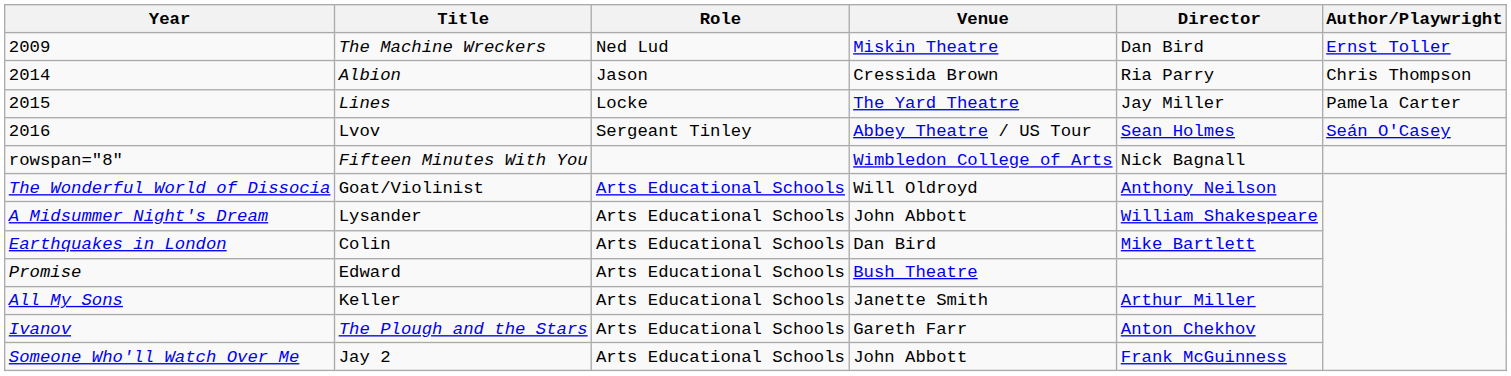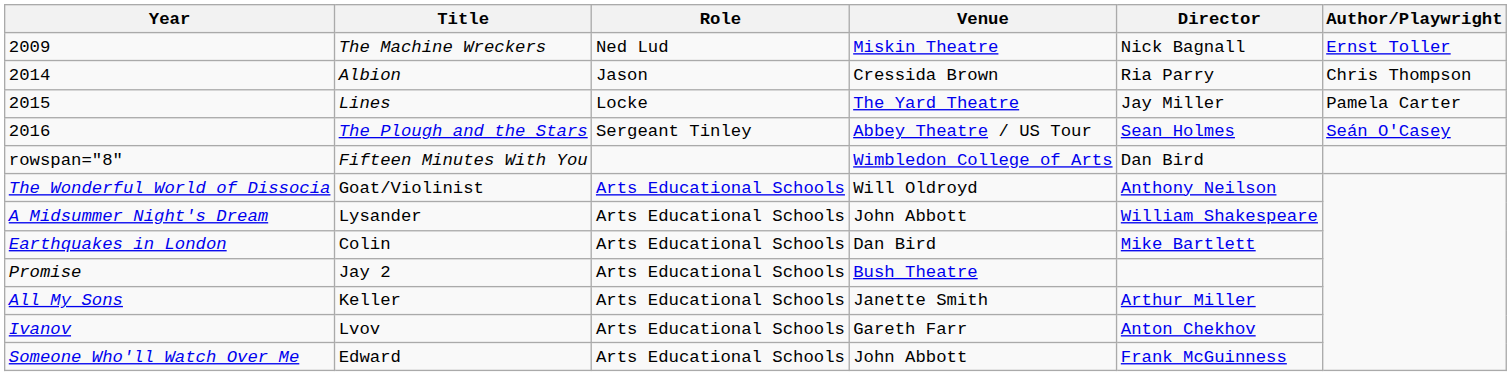 <table class="wikitable sortable">
 <tr>
 <th>Year</th>
 <th>Title</th>
 <th>Role</th>
 <th>Venue</th>
 <th>Director</th>
 <th>Author/Playwright</th>
 </tr>
 <tr>
 <td>2009</td>
 <td><em>The Machine Wreckers</em></td>
 <td>Ned Lud</td>
 <td><a href='#'>Miskin Theatre</a></td>
-<td>Dan Bird</td>
+<td>Nick Bagnall</td>
 <td><a href='#'>Ernst Toller</a></td>
 </tr>
 <tr>
 <td>2014</td>
 <td><em>Albion</em></td>
 <td>Jason</td>
 <td>Cressida Brown</td>
 <td>Ria Parry</td>
 <td>Chris Thompson</td>
 </tr>
 <tr>
 <td>2015</td>
 <td><em>Lines</em></td>
 <td>Locke</td>
 <td><a href='#'>The Yard Theatre</a></td>
 <td>Jay Miller</td>
 <td>Pamela Carter</td>
 </tr>
 <tr>
 <td>2016</td>
-<td>Lvov</td>
+<td><em><a href='#'>The Plough and the Stars</a></em></td>
 <td>Sergeant Tinley</td>
 <td><a href='#'>Abbey Theatre</a> / US Tour</td>
 <td><a href='#'>Sean Holmes</a></td>
 <td><a href='#'>Seán O'Casey</a></td>
 </tr>
 <tr>
 <td>rowspan="8" </td>
 <td><em>Fifteen Minutes With You</em></td>
 <td></td>
 <td><a href='#'>Wimbledon College of Arts</a></td>
-<td>Nick Bagnall</td>
+<td>Dan Bird</td>
 <td></td>
 </tr>
 <tr>
 <td><em><a href='#'>The Wonderful World of Dissocia</a></em></td>
 <td>Goat/Violinist</td>
 <td><a href='#'>Arts Educational Schools</a></td>
 <td>Will Oldroyd</td>
 <td><a href='#'>Anthony Neilson</a></td>
 </tr>
 <tr>
 <td><em><a href='#'>A Midsummer Night's Dream</a></em></td>
 <td>Lysander</td>
 <td>Arts Educational Schools</td>
 <td>John Abbott</td>
 <td><a href='#'>William Shakespeare</a></td>
 </tr>
 <tr>
 <td><em><a href='#'>Earthquakes in London</a></em></td>
 <td>Colin</td>
 <td>Arts Educational Schools</td>
 <td>Dan Bird</td>
 <td><a href='#'>Mike Bartlett</a></td>
 </tr>
 <tr>
 <td><em>Promise</em></td>
-<td>Edward</td>
+<td>Jay 2</td>
 <td>Arts Educational Schools</td>
 <td><a href='#'>Bush Theatre</a></td>
 <td></td>
 </tr>
 <tr>
 <td><em><a href='#'>All My Sons</a></em></td>
 <td>Keller</td>
 <td>Arts Educational Schools</td>
 <td>Janette Smith</td>
 <td><a href='#'>Arthur Miller</a></td>
 </tr>
 <tr>
 <td><em><a href='#'>Ivanov</a></em></td>
-<td><em><a href='#'>The Plough and the Stars</a></em></td>
+<td>Lvov</td>
 <td>Arts Educational Schools</td>
 <td>Gareth Farr</td>
 <td><a href='#'>Anton Chekhov</a></td>
 </tr>
 <tr>
 <td><em><a href='#'>Someone Who'll Watch Over Me</a></em></td>
-<td>Jay 2</td>
+<td>Edward</td>
 <td>Arts Educational Schools</td>
 <td>John Abbott</td>
 <td><a href='#'>Frank McGuinness</a></td>
 </tr>
 </table>
